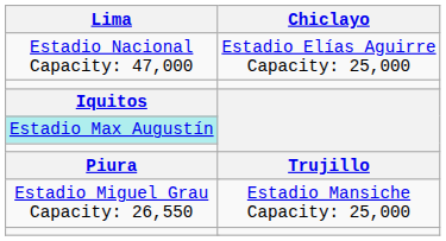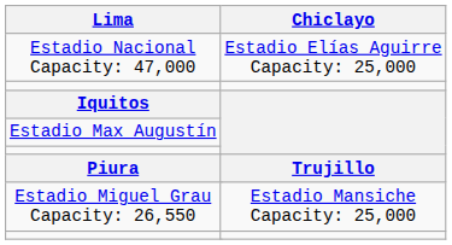 <table class="wikitable" style="text-align:center;">
 <tr>
 <th><a href='#'>Lima</a></th>
 <th colspan="2"><a href='#'>Chiclayo</a></th>
 </tr>
 <tr>
 <td><a href='#'>Estadio Nacional</a><br>Capacity: 47,000</td>
 <td colspan="2"><a href='#'>Estadio Elías Aguirre</a><br>Capacity: 25,000</td>
 </tr>
 <tr>
 <td></td>
 <td colspan="2"></td>
 </tr>
 <tr>
 <th><a href='#'>Iquitos</a></th>
 <th colspan="2" rowspan="3"></th>
 </tr>
 <tr>
-<td style="background: paleturquoise;"><a href='#'>Estadio Max Augustín</a></td>
+<td><a href='#'>Estadio Max Augustín</a></td>
 </tr>
 <tr>
 <td></td>
 </tr>
 <tr>
 <th colspan="2"><a href='#'>Piura</a></th>
 <th><a href='#'>Trujillo</a></th>
 </tr>
 <tr>
 <td colspan="2"><a href='#'>Estadio Miguel Grau</a><br>Capacity: 26,550</td>
 <td><a href='#'>Estadio Mansiche</a><br>Capacity: 25,000</td>
 </tr>
 <tr>
 <td colspan="2"></td>
 <td></td>
 </tr>
 </table>
